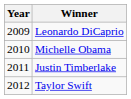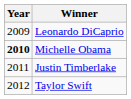 <table class="wikitable">
 <tr>
 <th>Year</th>
 <th>Winner</th>
 </tr>
 <tr>
 <td>2009</td>
 <td><a href='#'>Leonardo DiCaprio</a></td>
 </tr>
 <tr>
-<td>2010</td>
+<td><strong>2010</strong></td>
 <td><a href='#'>Michelle Obama</a></td>
 </tr>
 <tr>
 <td>2011</td>
 <td><a href='#'>Justin Timberlake</a></td>
 </tr>
 <tr>
 <td>2012</td>
 <td><a href='#'>Taylor Swift</a></td>
 </tr>
 </table>
